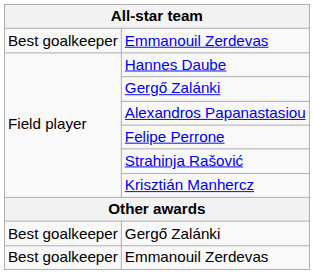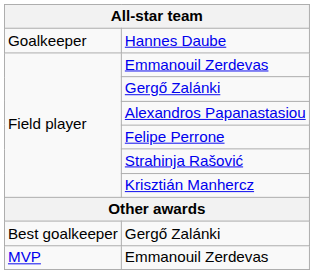 <table class="wikitable">
 <tr>
 <th colspan=2>All-star team</th>
 </tr>
 <tr>
-<td>Best goalkeeper</td>
-<td> <a href='#'>Emmanouil Zerdevas</a></td>
+<td>Goalkeeper</td>
+<td> <a href='#'>Hannes Daube</a></td>
 </tr>
 <tr>
 <td rowspan=6>Field player</td>
-<td> <a href='#'>Hannes Daube</a></td>
+<td> <a href='#'>Emmanouil Zerdevas</a></td>
 </tr>
 <tr>
 <td> <a href='#'>Gergő Zalánki</a></td>
 </tr>
 <tr>
 <td> <a href='#'>Alexandros Papanastasiou</a></td>
 </tr>
 <tr>
 <td> <a href='#'>Felipe Perrone</a></td>
 </tr>
 <tr>
 <td> <a href='#'>Strahinja Rašović</a></td>
 </tr>
 <tr>
 <td> <a href='#'>Krisztián Manhercz</a></td>
 </tr>
 <tr>
 <th colspan=2>Other awards</th>
 </tr>
 <tr>
 <td>Best goalkeeper</td>
 <td> Gergő Zalánki</td>
 </tr>
 <tr>
-<td>Best goalkeeper</td>
+<td><a href='#'>MVP</a></td>
 <td> Emmanouil Zerdevas</td>
 </tr>
 </table>
